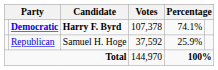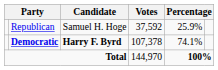 <table class="wikitable" style="text-align:right;">
 <tr style="background-color:#E9E9E9;text-align:center;">
 <th colspan=2>Party</th>
 <th>Candidate</th>
 <th>Votes</th>
 <th colspan=2>Percentage</th>
+</tr>
+<tr>
+<td style="background-color:"></td>
+<td style="text-align:left;"><a href='#'>Republican</a></td>
+<td style="text-align:left;">Samuel H. Hoge</td>
+<td style="text-align:right;">37,592</td>
+<td style="text-align:right;">25.9%</td>
+<td style="text-align:right;"><div><div> </div></div></td>
 </tr>
 <tr>
 <td style="background-color:"></td>
 <td style="text-align:left;"><strong><a href='#'>Democratic</a></strong></td>
 <td style="text-align:left;"><strong>Harry F. Byrd</strong></td>
 <td style="text-align:right;">107,378</td>
 <td style="text-align:right;">74.1%</td>
 <td style="text-align:right;"><div><div> </div></div></td>
 </tr>
 <tr>
-<td style="background-color:"></td>
-<td style="text-align:left;"><a href='#'>Republican</a></td>
-<td style="text-align:left;">Samuel H. Hoge</td>
-<td style="text-align:right;">37,592</td>
-<td style="text-align:right;">25.9%</td>
-<td style="text-align:right;"><div><div> </div></div></td>
-</tr>
-<tr>
 <td colspan="3" style="text-align:right;"><strong>Total</strong></td>
 <td style="text-align:right;">144,970</td>
 <td style="text-align:right;" colspan=2><strong>100%</strong></td>
 </tr>
 </table>
